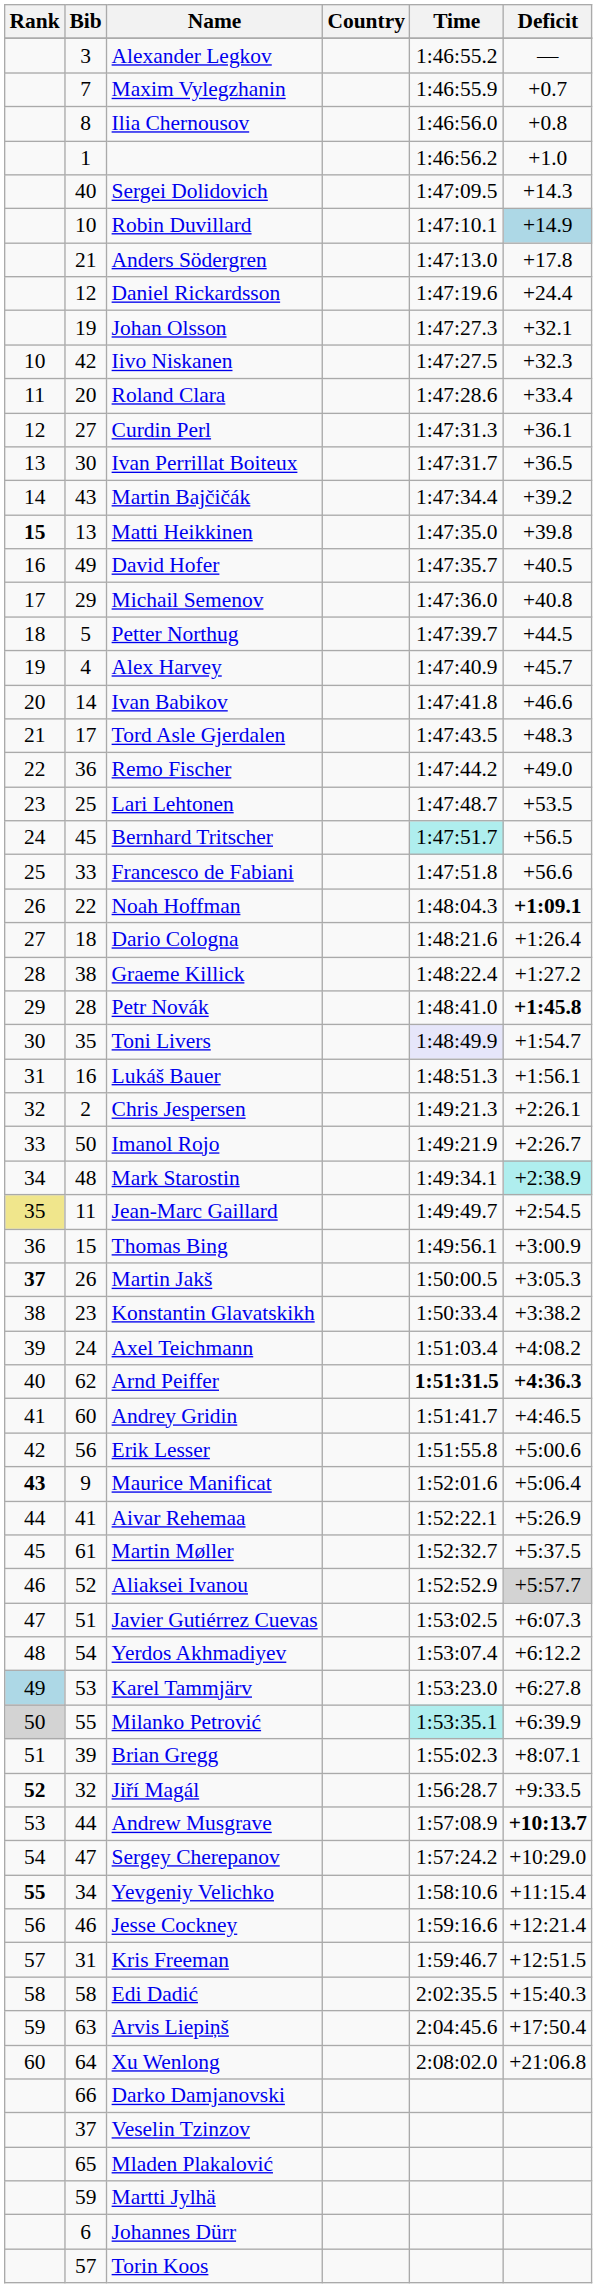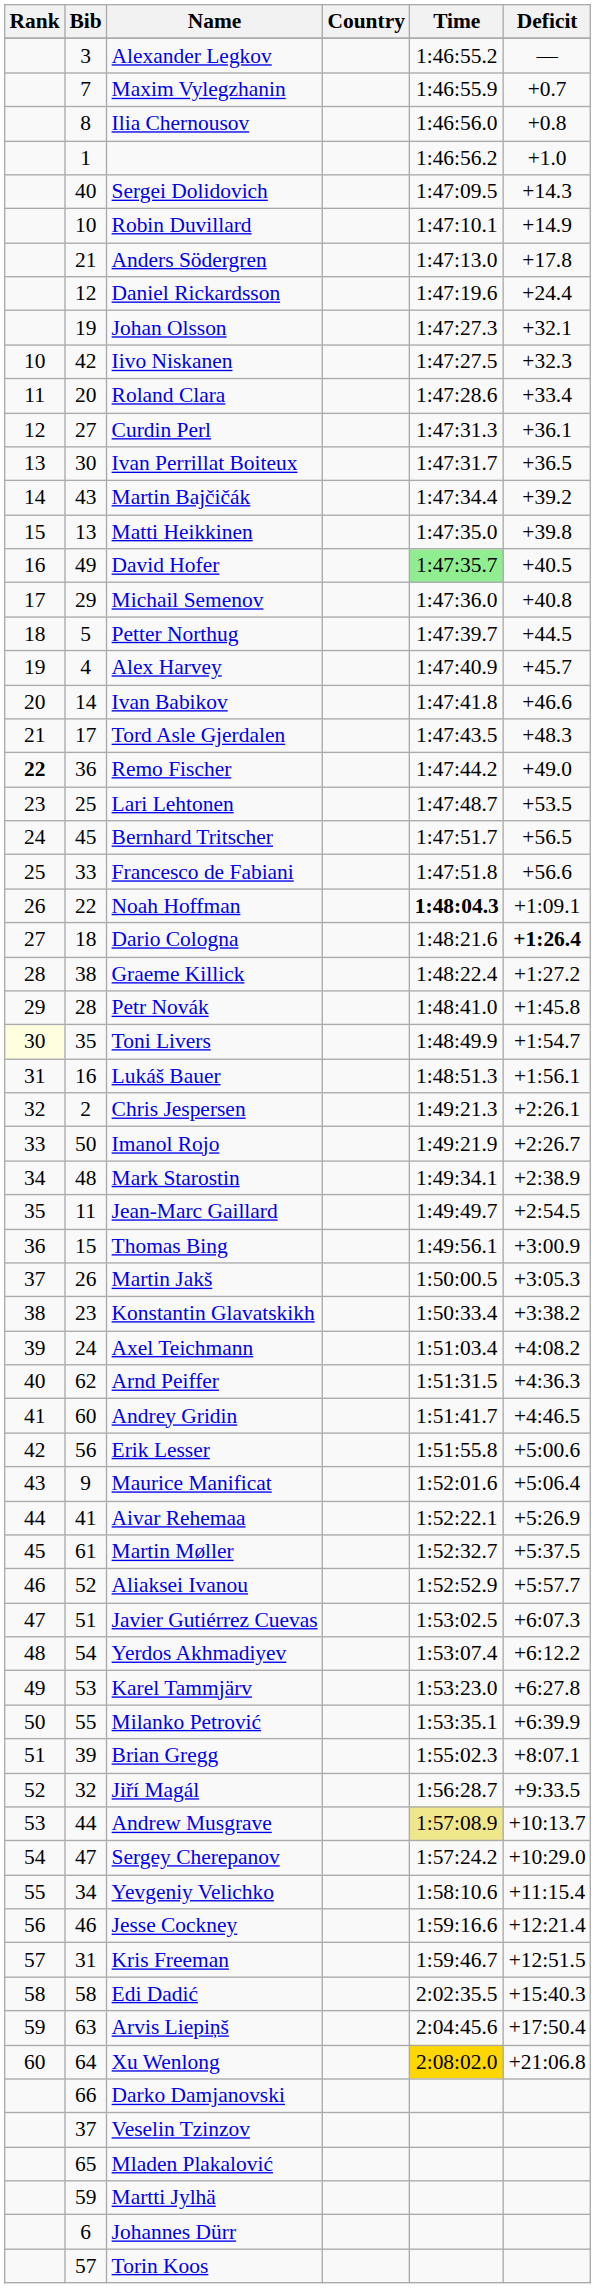 <table class="wikitable sortable" style="text-align:center">
 <tr>
 <th>Rank</th>
 <th>Bib</th>
 <th>Name</th>
 <th>Country</th>
 <th>Time</th>
 <th>Deficit</th>
 </tr>
 <tr>
 </tr>
 <tr>
 <td></td>
 <td>3</td>
 <td align=left><a href='#'>Alexander Legkov</a></td>
 <td align=left></td>
 <td>1:46:55.2</td>
 <td>—</td>
 </tr>
 <tr>
 <td></td>
 <td>7</td>
 <td align=left><a href='#'>Maxim Vylegzhanin</a></td>
 <td align=left></td>
 <td>1:46:55.9</td>
 <td>+0.7</td>
 </tr>
 <tr>
 <td></td>
 <td>8</td>
 <td align=left><a href='#'>Ilia Chernousov</a></td>
 <td align=left></td>
 <td>1:46:56.0</td>
 <td>+0.8</td>
 </tr>
 <tr>
 <td></td>
 <td>1</td>
 <td align=left></td>
 <td align=left></td>
 <td>1:46:56.2</td>
 <td>+1.0</td>
 </tr>
 <tr>
 <td></td>
 <td>40</td>
 <td align=left><a href='#'>Sergei Dolidovich</a></td>
 <td align=left></td>
 <td>1:47:09.5</td>
 <td>+14.3</td>
 </tr>
 <tr>
 <td></td>
 <td>10</td>
 <td align=left><a href='#'>Robin Duvillard</a></td>
 <td align=left></td>
 <td>1:47:10.1</td>
-<td style="background: lightblue;">+14.9</td>
+<td>+14.9</td>
 </tr>
 <tr>
 <td></td>
 <td>21</td>
 <td align=left><a href='#'>Anders Södergren</a></td>
 <td align=left></td>
 <td>1:47:13.0</td>
 <td>+17.8</td>
 </tr>
 <tr>
 <td></td>
 <td>12</td>
 <td align=left><a href='#'>Daniel Rickardsson</a></td>
 <td align=left></td>
 <td>1:47:19.6</td>
 <td>+24.4</td>
 </tr>
 <tr>
 <td></td>
 <td>19</td>
 <td align=left><a href='#'>Johan Olsson</a></td>
 <td align=left></td>
 <td>1:47:27.3</td>
 <td>+32.1</td>
 </tr>
 <tr>
 <td>10</td>
 <td>42</td>
 <td align=left><a href='#'>Iivo Niskanen</a></td>
 <td align=left></td>
 <td>1:47:27.5</td>
 <td>+32.3</td>
 </tr>
 <tr>
 <td>11</td>
 <td>20</td>
 <td align=left><a href='#'>Roland Clara</a></td>
 <td align=left></td>
 <td>1:47:28.6</td>
 <td>+33.4</td>
 </tr>
 <tr>
 <td>12</td>
 <td>27</td>
 <td align=left><a href='#'>Curdin Perl</a></td>
 <td align=left></td>
 <td>1:47:31.3</td>
 <td>+36.1</td>
 </tr>
 <tr>
 <td>13</td>
 <td>30</td>
 <td align=left><a href='#'>Ivan Perrillat Boiteux</a></td>
 <td align=left></td>
 <td>1:47:31.7</td>
 <td>+36.5</td>
 </tr>
 <tr>
 <td>14</td>
 <td>43</td>
 <td align=left><a href='#'>Martin Bajčičák</a></td>
 <td align=left></td>
 <td>1:47:34.4</td>
 <td>+39.2</td>
 </tr>
 <tr>
-<td><strong>15</strong></td>
+<td>15</td>
 <td>13</td>
 <td align=left><a href='#'>Matti Heikkinen</a></td>
 <td align=left></td>
 <td>1:47:35.0</td>
 <td>+39.8</td>
 </tr>
 <tr>
 <td>16</td>
 <td>49</td>
 <td align=left><a href='#'>David Hofer</a></td>
 <td align=left></td>
-<td>1:47:35.7</td>
+<td style="background: lightgreen;">1:47:35.7</td>
 <td>+40.5</td>
 </tr>
 <tr>
 <td>17</td>
 <td>29</td>
 <td align=left><a href='#'>Michail Semenov</a></td>
 <td align=left></td>
 <td>1:47:36.0</td>
 <td>+40.8</td>
 </tr>
 <tr>
 <td>18</td>
 <td>5</td>
 <td align=left><a href='#'>Petter Northug</a></td>
 <td align=left></td>
 <td>1:47:39.7</td>
 <td>+44.5</td>
 </tr>
 <tr>
 <td>19</td>
 <td>4</td>
 <td align=left><a href='#'>Alex Harvey</a></td>
 <td align=left></td>
 <td>1:47:40.9</td>
 <td>+45.7</td>
 </tr>
 <tr>
 <td>20</td>
 <td>14</td>
 <td align=left><a href='#'>Ivan Babikov</a></td>
 <td align=left></td>
 <td>1:47:41.8</td>
 <td>+46.6</td>
 </tr>
 <tr>
 <td>21</td>
 <td>17</td>
 <td align=left><a href='#'>Tord Asle Gjerdalen</a></td>
 <td align=left></td>
 <td>1:47:43.5</td>
 <td>+48.3</td>
 </tr>
 <tr>
-<td>22</td>
+<td><strong>22</strong></td>
 <td>36</td>
 <td align=left><a href='#'>Remo Fischer</a></td>
 <td align=left></td>
 <td>1:47:44.2</td>
 <td>+49.0</td>
 </tr>
 <tr>
 <td>23</td>
 <td>25</td>
 <td align=left><a href='#'>Lari Lehtonen</a></td>
 <td align=left></td>
 <td>1:47:48.7</td>
 <td>+53.5</td>
 </tr>
 <tr>
 <td>24</td>
 <td>45</td>
 <td align=left><a href='#'>Bernhard Tritscher</a></td>
 <td align=left></td>
-<td style="background: paleturquoise;">1:47:51.7</td>
+<td>1:47:51.7</td>
 <td>+56.5</td>
 </tr>
 <tr>
 <td>25</td>
 <td>33</td>
 <td align=left><a href='#'>Francesco de Fabiani</a></td>
 <td align=left></td>
 <td>1:47:51.8</td>
 <td>+56.6</td>
 </tr>
 <tr>
 <td>26</td>
 <td>22</td>
 <td align=left><a href='#'>Noah Hoffman</a></td>
 <td align=left></td>
-<td>1:48:04.3</td>
-<td><strong>+1:09.1</strong></td>
+<td><strong>1:48:04.3</strong></td>
+<td>+1:09.1</td>
 </tr>
 <tr>
 <td>27</td>
 <td>18</td>
 <td align=left><a href='#'>Dario Cologna</a></td>
 <td align=left></td>
 <td>1:48:21.6</td>
-<td>+1:26.4</td>
+<td><strong>+1:26.4</strong></td>
 </tr>
 <tr>
 <td>28</td>
 <td>38</td>
 <td align=left><a href='#'>Graeme Killick</a></td>
 <td align=left></td>
 <td>1:48:22.4</td>
 <td>+1:27.2</td>
 </tr>
 <tr>
 <td>29</td>
 <td>28</td>
 <td align=left><a href='#'>Petr Novák</a></td>
 <td align=left></td>
 <td>1:48:41.0</td>
-<td><strong>+1:45.8</strong></td>
+<td>+1:45.8</td>
 </tr>
 <tr>
-<td>30</td>
+<td style="background: lightyellow;">30</td>
 <td>35</td>
 <td align=left><a href='#'>Toni Livers</a></td>
 <td align=left></td>
-<td style="background: lavender;">1:48:49.9</td>
+<td>1:48:49.9</td>
 <td>+1:54.7</td>
 </tr>
 <tr>
 <td>31</td>
 <td>16</td>
 <td align=left><a href='#'>Lukáš Bauer</a></td>
 <td align=left></td>
 <td>1:48:51.3</td>
 <td>+1:56.1</td>
 </tr>
 <tr>
 <td>32</td>
 <td>2</td>
 <td align=left><a href='#'>Chris Jespersen</a></td>
 <td align=left></td>
 <td>1:49:21.3</td>
 <td>+2:26.1</td>
 </tr>
 <tr>
 <td>33</td>
 <td>50</td>
 <td align=left><a href='#'>Imanol Rojo</a></td>
 <td align=left></td>
 <td>1:49:21.9</td>
 <td>+2:26.7</td>
 </tr>
 <tr>
 <td>34</td>
 <td>48</td>
 <td align=left><a href='#'>Mark Starostin</a></td>
 <td align=left></td>
 <td>1:49:34.1</td>
-<td style="background: paleturquoise;">+2:38.9</td>
+<td>+2:38.9</td>
 </tr>
 <tr>
-<td style="background: khaki;">35</td>
+<td>35</td>
 <td>11</td>
 <td align=left><a href='#'>Jean-Marc Gaillard</a></td>
 <td align=left></td>
 <td>1:49:49.7</td>
 <td>+2:54.5</td>
 </tr>
 <tr>
 <td>36</td>
 <td>15</td>
 <td align=left><a href='#'>Thomas Bing</a></td>
 <td align=left></td>
 <td>1:49:56.1</td>
 <td>+3:00.9</td>
 </tr>
 <tr>
-<td><strong>37</strong></td>
+<td>37</td>
 <td>26</td>
 <td align=left><a href='#'>Martin Jakš</a></td>
 <td align=left></td>
 <td>1:50:00.5</td>
 <td>+3:05.3</td>
 </tr>
 <tr>
 <td>38</td>
 <td>23</td>
 <td align=left><a href='#'>Konstantin Glavatskikh</a></td>
 <td align=left></td>
 <td>1:50:33.4</td>
 <td>+3:38.2</td>
 </tr>
 <tr>
 <td>39</td>
 <td>24</td>
 <td align=left><a href='#'>Axel Teichmann</a></td>
 <td align=left></td>
 <td>1:51:03.4</td>
 <td>+4:08.2</td>
 </tr>
 <tr>
 <td>40</td>
 <td>62</td>
 <td align=left><a href='#'>Arnd Peiffer</a></td>
 <td align=left></td>
-<td><strong>1:51:31.5</strong></td>
-<td><strong>+4:36.3</strong></td>
+<td>1:51:31.5</td>
+<td>+4:36.3</td>
 </tr>
 <tr>
 <td>41</td>
 <td>60</td>
 <td align=left><a href='#'>Andrey Gridin</a></td>
 <td align=left></td>
 <td>1:51:41.7</td>
 <td>+4:46.5</td>
 </tr>
 <tr>
 <td>42</td>
 <td>56</td>
 <td align=left><a href='#'>Erik Lesser</a></td>
 <td align=left></td>
 <td>1:51:55.8</td>
 <td>+5:00.6</td>
 </tr>
 <tr>
-<td><strong>43</strong></td>
+<td>43</td>
 <td>9</td>
 <td align=left><a href='#'>Maurice Manificat</a></td>
 <td align=left></td>
 <td>1:52:01.6</td>
 <td>+5:06.4</td>
 </tr>
 <tr>
 <td>44</td>
 <td>41</td>
 <td align=left><a href='#'>Aivar Rehemaa</a></td>
 <td align=left></td>
 <td>1:52:22.1</td>
 <td>+5:26.9</td>
 </tr>
 <tr>
 <td>45</td>
 <td>61</td>
 <td align=left><a href='#'>Martin Møller</a></td>
 <td align=left></td>
 <td>1:52:32.7</td>
 <td>+5:37.5</td>
 </tr>
 <tr>
 <td>46</td>
 <td>52</td>
 <td align=left><a href='#'>Aliaksei Ivanou</a></td>
 <td align=left></td>
 <td>1:52:52.9</td>
-<td style="background: lightgrey;">+5:57.7</td>
+<td>+5:57.7</td>
 </tr>
 <tr>
 <td>47</td>
 <td>51</td>
 <td align=left><a href='#'>Javier Gutiérrez Cuevas</a></td>
 <td align=left></td>
 <td>1:53:02.5</td>
 <td>+6:07.3</td>
 </tr>
 <tr>
 <td>48</td>
 <td>54</td>
 <td align=left><a href='#'>Yerdos Akhmadiyev</a></td>
 <td align=left></td>
 <td>1:53:07.4</td>
 <td>+6:12.2</td>
 </tr>
 <tr>
-<td style="background: lightblue;">49</td>
+<td>49</td>
 <td>53</td>
 <td align=left><a href='#'>Karel Tammjärv</a></td>
 <td align=left></td>
 <td>1:53:23.0</td>
 <td>+6:27.8</td>
 </tr>
 <tr>
-<td style="background: lightgrey;">50</td>
+<td>50</td>
 <td>55</td>
 <td align=left><a href='#'>Milanko Petrović</a></td>
 <td align=left></td>
-<td style="background: paleturquoise;">1:53:35.1</td>
+<td>1:53:35.1</td>
 <td>+6:39.9</td>
 </tr>
 <tr>
 <td>51</td>
 <td>39</td>
 <td align=left><a href='#'>Brian Gregg</a></td>
 <td align=left></td>
 <td>1:55:02.3</td>
 <td>+8:07.1</td>
 </tr>
 <tr>
-<td><strong>52</strong></td>
+<td>52</td>
 <td>32</td>
 <td align=left><a href='#'>Jiří Magál</a></td>
 <td align=left></td>
 <td>1:56:28.7</td>
 <td>+9:33.5</td>
 </tr>
 <tr>
 <td>53</td>
 <td>44</td>
 <td align=left><a href='#'>Andrew Musgrave</a></td>
 <td align=left></td>
-<td>1:57:08.9</td>
-<td><strong>+10:13.7</strong></td>
+<td style="background: khaki;">1:57:08.9</td>
+<td>+10:13.7</td>
 </tr>
 <tr>
 <td>54</td>
 <td>47</td>
 <td align=left><a href='#'>Sergey Cherepanov</a></td>
 <td align=left></td>
 <td>1:57:24.2</td>
 <td>+10:29.0</td>
 </tr>
 <tr>
-<td><strong>55</strong></td>
+<td>55</td>
 <td>34</td>
 <td align=left><a href='#'>Yevgeniy Velichko</a></td>
 <td align=left></td>
 <td>1:58:10.6</td>
 <td>+11:15.4</td>
 </tr>
 <tr>
 <td>56</td>
 <td>46</td>
 <td align=left><a href='#'>Jesse Cockney</a></td>
 <td align=left></td>
 <td>1:59:16.6</td>
 <td>+12:21.4</td>
 </tr>
 <tr>
 <td>57</td>
 <td>31</td>
 <td align=left><a href='#'>Kris Freeman</a></td>
 <td align=left></td>
 <td>1:59:46.7</td>
 <td>+12:51.5</td>
 </tr>
 <tr>
 <td>58</td>
 <td>58</td>
 <td align=left><a href='#'>Edi Dadić</a></td>
 <td align=left></td>
 <td>2:02:35.5</td>
 <td>+15:40.3</td>
 </tr>
 <tr>
 <td>59</td>
 <td>63</td>
 <td align=left><a href='#'>Arvis Liepiņš</a></td>
 <td align=left></td>
 <td>2:04:45.6</td>
 <td>+17:50.4</td>
 </tr>
 <tr>
 <td>60</td>
 <td>64</td>
 <td align=left><a href='#'>Xu Wenlong</a></td>
 <td align=left></td>
-<td>2:08:02.0</td>
+<td style="background: gold;">2:08:02.0</td>
 <td>+21:06.8</td>
 </tr>
 <tr>
 <td></td>
 <td>66</td>
 <td align=left><a href='#'>Darko Damjanovski</a></td>
 <td align=left></td>
 <td></td>
 <td></td>
 </tr>
 <tr>
 <td></td>
 <td>37</td>
 <td align=left><a href='#'>Veselin Tzinzov</a></td>
 <td align=left></td>
 <td></td>
 <td></td>
 </tr>
 <tr>
 <td></td>
 <td>65</td>
 <td align=left><a href='#'>Mladen Plakalović</a></td>
 <td align=left></td>
 <td></td>
 <td></td>
 </tr>
 <tr>
 <td></td>
 <td>59</td>
 <td align=left><a href='#'>Martti Jylhä</a></td>
 <td align=left></td>
 <td></td>
 <td></td>
 </tr>
 <tr>
 <td></td>
 <td>6</td>
 <td align=left><a href='#'>Johannes Dürr</a></td>
 <td align=left></td>
 <td></td>
 <td></td>
 </tr>
 <tr>
 <td></td>
 <td>57</td>
 <td align=left><a href='#'>Torin Koos</a></td>
 <td align=left></td>
 <td></td>
 <td></td>
 </tr>
 </table>
